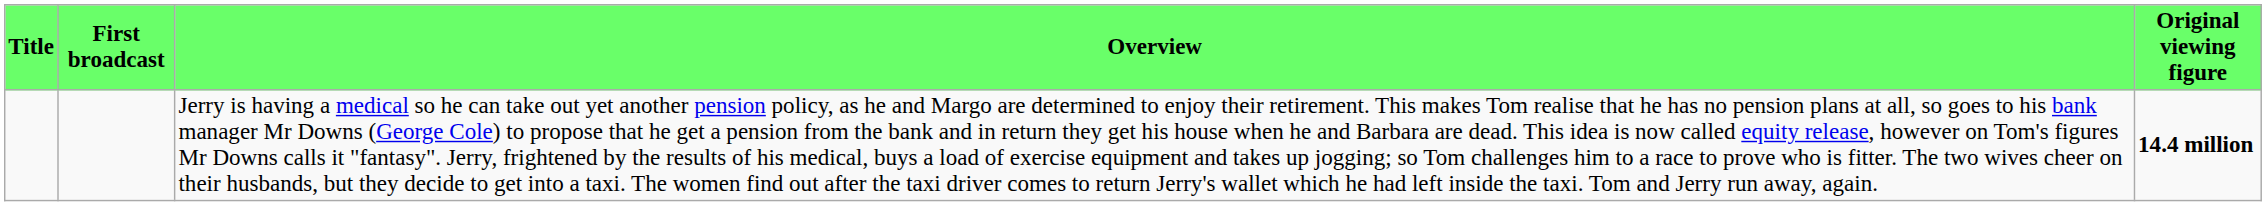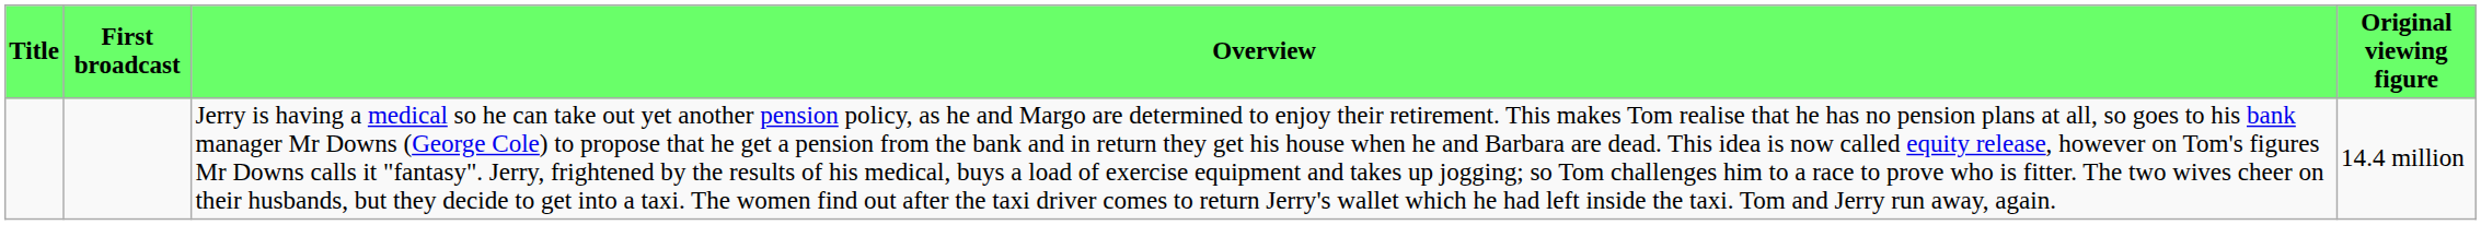 <table border="2" cellpadding="2" cellspacing="0" style="margin: 0 1em 0 0; background: #f9f9f9; border: 1px #aaa solid; border-collapse: collapse; font-size: 100%;">
 <tr style="background:#69FF69;">
 <th>Title</th>
 <th>First broadcast</th>
 <th>Overview</th>
 <th>Original viewing figure</th>
 </tr>
 <tr>
 <td></td>
 <td></td>
 <td style="font-size: 100%;">Jerry is having a <a href='#'>medical</a> so he can take out yet another <a href='#'>pension</a> policy, as he and Margo are determined to enjoy their retirement. This makes Tom realise that he has no pension plans at all, so goes to his <a href='#'>bank</a> manager Mr Downs (<a href='#'>George Cole</a>) to propose that he get a pension from the bank and in return they get his house when he and Barbara are dead. This idea is now called <a href='#'>equity release</a>, however on Tom's figures Mr Downs calls it "fantasy". Jerry, frightened by the results of his medical, buys a load of exercise equipment and takes up jogging; so Tom challenges him to a race to prove who is fitter. The two wives cheer on their husbands, but they decide to get into a taxi. The women find out after the taxi driver comes to return Jerry's wallet which he had left inside the taxi. Tom and Jerry run away, again.</td>
-<td><strong>14.4 million</strong></td>
+<td>14.4 million</td>
 </tr>
 </table>
